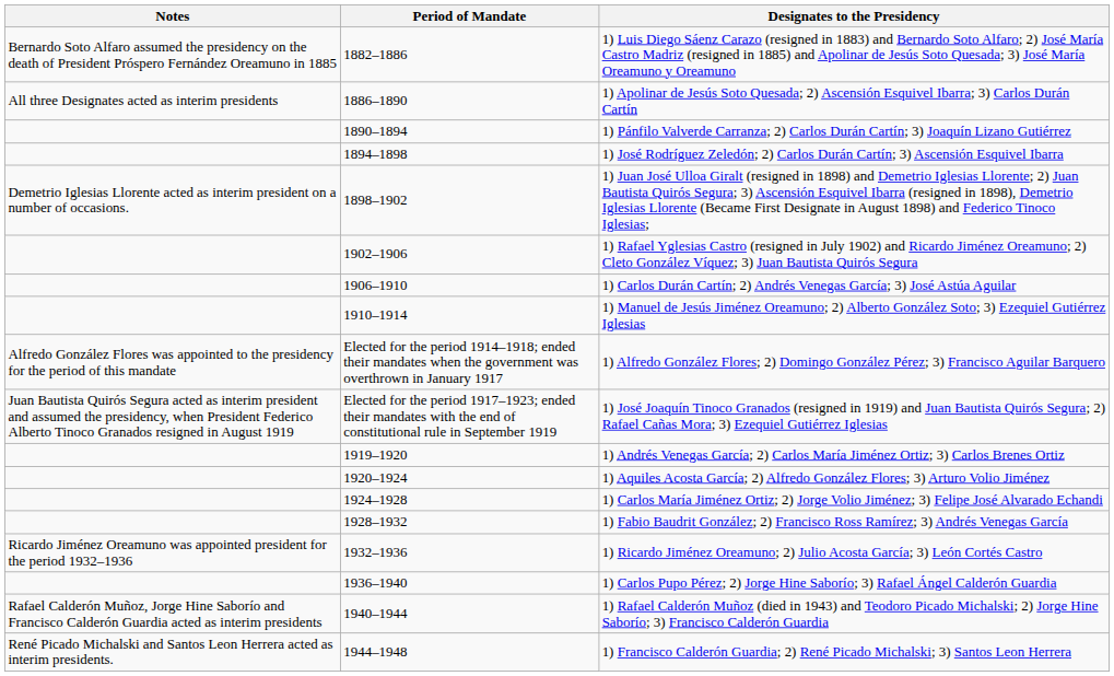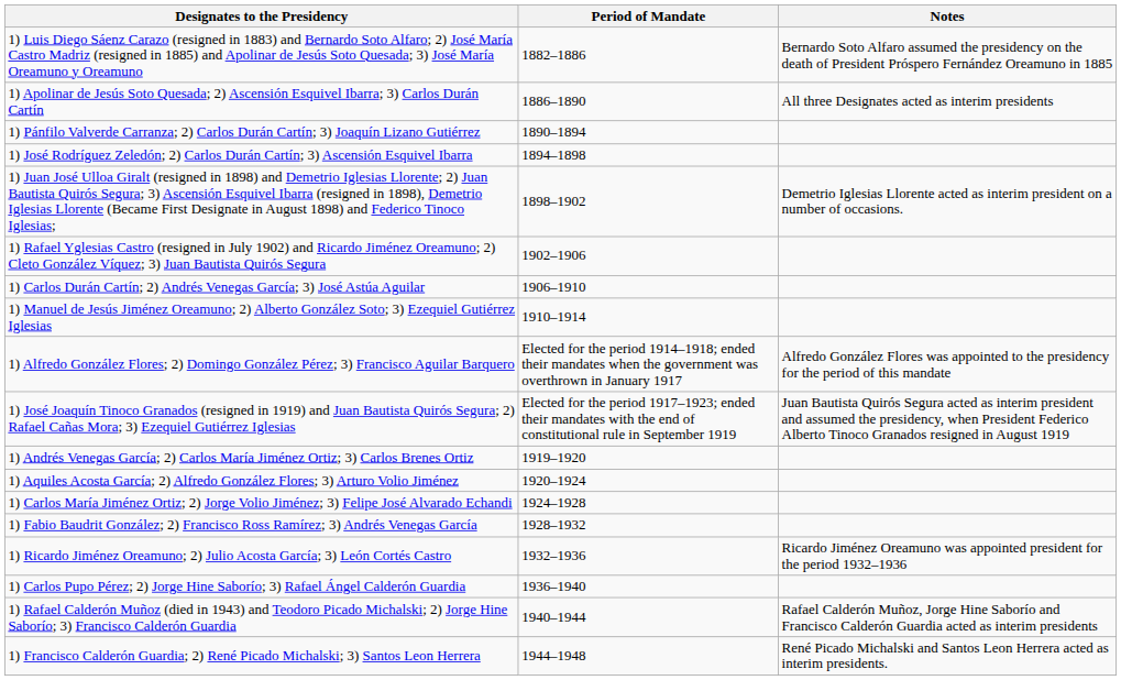 <table class="wikitable">
 <tr>
+<th>Designates to the Presidency</th>
+<th>Period of Mandate</th>
 <th>Notes</th>
-<th>Period of Mandate</th>
-<th>Designates to the Presidency</th>
 </tr>
 <tr>
+<td>1) <a href='#'>Luis Diego Sáenz Carazo</a> (resigned in 1883) and <a href='#'>Bernardo Soto Alfaro</a>; 2) <a href='#'>José María Castro Madriz</a> (resigned in 1885) and <a href='#'>Apolinar de Jesús Soto Quesada</a>; 3) <a href='#'>José María Oreamuno y Oreamuno</a></td>
+<td>1882–1886</td>
 <td>Bernardo Soto Alfaro assumed the presidency on the death of President Próspero Fernández Oreamuno in 1885</td>
-<td>1882–1886</td>
-<td>1) <a href='#'>Luis Diego Sáenz Carazo</a> (resigned in 1883) and <a href='#'>Bernardo Soto Alfaro</a>; 2) <a href='#'>José María Castro Madriz</a> (resigned in 1885) and <a href='#'>Apolinar de Jesús Soto Quesada</a>; 3) <a href='#'>José María Oreamuno y Oreamuno</a></td>
 </tr>
 <tr>
+<td>1) <a href='#'>Apolinar de Jesús Soto Quesada</a>; 2) <a href='#'>Ascensión Esquivel Ibarra</a>; 3) <a href='#'>Carlos Durán Cartín</a></td>
+<td>1886–1890</td>
 <td>All three Designates acted as interim presidents</td>
-<td>1886–1890</td>
-<td>1) <a href='#'>Apolinar de Jesús Soto Quesada</a>; 2) <a href='#'>Ascensión Esquivel Ibarra</a>; 3) <a href='#'>Carlos Durán Cartín</a></td>
 </tr>
 <tr>
+<td>1) <a href='#'>Pánfilo Valverde Carranza</a>; 2) <a href='#'>Carlos Durán Cartín</a>; 3) <a href='#'>Joaquín Lizano Gutiérrez</a></td>
+<td>1890–1894</td>
 <td></td>
-<td>1890–1894</td>
-<td>1) <a href='#'>Pánfilo Valverde Carranza</a>; 2) <a href='#'>Carlos Durán Cartín</a>; 3) <a href='#'>Joaquín Lizano Gutiérrez</a></td>
 </tr>
 <tr>
+<td>1) <a href='#'>José Rodríguez Zeledón</a>; 2) <a href='#'>Carlos Durán Cartín</a>; 3) <a href='#'>Ascensión Esquivel Ibarra</a></td>
+<td>1894–1898</td>
 <td></td>
-<td>1894–1898</td>
-<td>1) <a href='#'>José Rodríguez Zeledón</a>; 2) <a href='#'>Carlos Durán Cartín</a>; 3) <a href='#'>Ascensión Esquivel Ibarra</a></td>
 </tr>
 <tr>
+<td>1) <a href='#'>Juan José Ulloa Giralt</a> (resigned in 1898) and <a href='#'>Demetrio Iglesias Llorente</a>; 2) <a href='#'>Juan Bautista Quirós Segura</a>; 3) <a href='#'>Ascensión Esquivel Ibarra</a> (resigned in 1898), <a href='#'>Demetrio Iglesias Llorente</a> (Became First Designate in August 1898) and <a href='#'>Federico Tinoco Iglesias</a>;</td>
+<td>1898–1902</td>
 <td>Demetrio Iglesias Llorente acted as interim president on a number of occasions.</td>
-<td>1898–1902</td>
-<td>1) <a href='#'>Juan José Ulloa Giralt</a> (resigned in 1898) and <a href='#'>Demetrio Iglesias Llorente</a>; 2) <a href='#'>Juan Bautista Quirós Segura</a>; 3) <a href='#'>Ascensión Esquivel Ibarra</a> (resigned in 1898), <a href='#'>Demetrio Iglesias Llorente</a> (Became First Designate in August 1898) and <a href='#'>Federico Tinoco Iglesias</a>;</td>
 </tr>
 <tr>
+<td>1) <a href='#'>Rafael Yglesias Castro</a> (resigned in July 1902) and <a href='#'>Ricardo Jiménez Oreamuno</a>; 2) <a href='#'>Cleto González Víquez</a>; 3) <a href='#'>Juan Bautista Quirós Segura</a></td>
+<td>1902–1906</td>
 <td></td>
-<td>1902–1906</td>
-<td>1) <a href='#'>Rafael Yglesias Castro</a> (resigned in July 1902) and <a href='#'>Ricardo Jiménez Oreamuno</a>; 2) <a href='#'>Cleto González Víquez</a>; 3) <a href='#'>Juan Bautista Quirós Segura</a></td>
 </tr>
 <tr>
+<td>1) <a href='#'>Carlos Durán Cartín</a>; 2) <a href='#'>Andrés Venegas García</a>; 3) <a href='#'>José Astúa Aguilar</a></td>
+<td>1906–1910</td>
 <td></td>
-<td>1906–1910</td>
-<td>1) <a href='#'>Carlos Durán Cartín</a>; 2) <a href='#'>Andrés Venegas García</a>; 3) <a href='#'>José Astúa Aguilar</a></td>
 </tr>
 <tr>
+<td>1) <a href='#'>Manuel de Jesús Jiménez Oreamuno</a>; 2) <a href='#'>Alberto González Soto</a>; 3) <a href='#'>Ezequiel Gutiérrez Iglesias</a></td>
+<td>1910–1914</td>
 <td></td>
-<td>1910–1914</td>
-<td>1) <a href='#'>Manuel de Jesús Jiménez Oreamuno</a>; 2) <a href='#'>Alberto González Soto</a>; 3) <a href='#'>Ezequiel Gutiérrez Iglesias</a></td>
 </tr>
 <tr>
+<td>1) <a href='#'>Alfredo González Flores</a>; 2) <a href='#'>Domingo González Pérez</a>; 3) <a href='#'>Francisco Aguilar Barquero</a></td>
+<td>Elected for the period 1914–1918; ended their mandates when the government was overthrown in January 1917</td>
 <td>Alfredo González Flores was appointed to the presidency for the period of this mandate</td>
-<td>Elected for the period 1914–1918; ended their mandates when the government was overthrown in January 1917</td>
-<td>1) <a href='#'>Alfredo González Flores</a>; 2) <a href='#'>Domingo González Pérez</a>; 3) <a href='#'>Francisco Aguilar Barquero</a></td>
 </tr>
 <tr>
+<td>1) <a href='#'>José Joaquín Tinoco Granados</a> (resigned in 1919) and <a href='#'>Juan Bautista Quirós Segura</a>; 2) <a href='#'>Rafael Cañas Mora</a>; 3) <a href='#'>Ezequiel Gutiérrez Iglesias</a></td>
+<td>Elected for the period 1917–1923; ended their mandates with the end of constitutional rule in September 1919</td>
 <td>Juan Bautista Quirós Segura acted as interim president and assumed the presidency, when President Federico Alberto Tinoco Granados resigned in August 1919</td>
-<td>Elected for the period 1917–1923; ended their mandates with the end of constitutional rule in September 1919</td>
-<td>1) <a href='#'>José Joaquín Tinoco Granados</a> (resigned in 1919) and <a href='#'>Juan Bautista Quirós Segura</a>; 2) <a href='#'>Rafael Cañas Mora</a>; 3) <a href='#'>Ezequiel Gutiérrez Iglesias</a></td>
 </tr>
 <tr>
+<td>1) <a href='#'>Andrés Venegas García</a>; 2) <a href='#'>Carlos María Jiménez Ortiz</a>; 3) <a href='#'>Carlos Brenes Ortiz</a></td>
+<td>1919–1920</td>
 <td></td>
-<td>1919–1920</td>
-<td>1) <a href='#'>Andrés Venegas García</a>; 2) <a href='#'>Carlos María Jiménez Ortiz</a>; 3) <a href='#'>Carlos Brenes Ortiz</a></td>
 </tr>
 <tr>
+<td>1) <a href='#'>Aquiles Acosta García</a>; 2) <a href='#'>Alfredo González Flores</a>; 3) <a href='#'>Arturo Volio Jiménez</a></td>
+<td>1920–1924</td>
 <td></td>
-<td>1920–1924</td>
-<td>1) <a href='#'>Aquiles Acosta García</a>; 2) <a href='#'>Alfredo González Flores</a>; 3) <a href='#'>Arturo Volio Jiménez</a></td>
 </tr>
 <tr>
+<td>1) <a href='#'>Carlos María Jiménez Ortiz</a>; 2) <a href='#'>Jorge Volio Jiménez</a>; 3) <a href='#'>Felipe José Alvarado Echandi</a></td>
+<td>1924–1928</td>
 <td></td>
-<td>1924–1928</td>
-<td>1) <a href='#'>Carlos María Jiménez Ortiz</a>; 2) <a href='#'>Jorge Volio Jiménez</a>; 3) <a href='#'>Felipe José Alvarado Echandi</a></td>
 </tr>
 <tr>
+<td>1) <a href='#'>Fabio Baudrit González</a>; 2) <a href='#'>Francisco Ross Ramírez</a>; 3) <a href='#'>Andrés Venegas García</a></td>
+<td>1928–1932</td>
 <td></td>
-<td>1928–1932</td>
-<td>1) <a href='#'>Fabio Baudrit González</a>; 2) <a href='#'>Francisco Ross Ramírez</a>; 3) <a href='#'>Andrés Venegas García</a></td>
 </tr>
 <tr>
+<td>1) <a href='#'>Ricardo Jiménez Oreamuno</a>; 2) <a href='#'>Julio Acosta García</a>; 3) <a href='#'>León Cortés Castro</a></td>
+<td>1932–1936</td>
 <td>Ricardo Jiménez Oreamuno was appointed president for the period 1932–1936</td>
-<td>1932–1936</td>
-<td>1) <a href='#'>Ricardo Jiménez Oreamuno</a>; 2) <a href='#'>Julio Acosta García</a>; 3) <a href='#'>León Cortés Castro</a></td>
 </tr>
 <tr>
+<td>1) <a href='#'>Carlos Pupo Pérez</a>; 2) <a href='#'>Jorge Hine Saborío</a>; 3) <a href='#'>Rafael Ángel Calderón Guardia</a></td>
+<td>1936–1940</td>
 <td></td>
-<td>1936–1940</td>
-<td>1) <a href='#'>Carlos Pupo Pérez</a>; 2) <a href='#'>Jorge Hine Saborío</a>; 3) <a href='#'>Rafael Ángel Calderón Guardia</a></td>
 </tr>
 <tr>
+<td>1) <a href='#'>Rafael Calderón Muñoz</a> (died in 1943) and <a href='#'>Teodoro Picado Michalski</a>; 2) <a href='#'>Jorge Hine Saborío</a>; 3) <a href='#'>Francisco Calderón Guardia</a></td>
+<td>1940–1944</td>
 <td>Rafael Calderón Muñoz, Jorge Hine Saborío and Francisco Calderón Guardia acted as interim presidents</td>
-<td>1940–1944</td>
-<td>1) <a href='#'>Rafael Calderón Muñoz</a> (died in 1943) and <a href='#'>Teodoro Picado Michalski</a>; 2) <a href='#'>Jorge Hine Saborío</a>; 3) <a href='#'>Francisco Calderón Guardia</a></td>
 </tr>
 <tr>
+<td>1) <a href='#'>Francisco Calderón Guardia</a>; 2) <a href='#'>René Picado Michalski</a>; 3) <a href='#'>Santos Leon Herrera</a></td>
+<td>1944–1948</td>
 <td>René Picado Michalski and Santos Leon Herrera acted as interim presidents.</td>
-<td>1944–1948</td>
-<td>1) <a href='#'>Francisco Calderón Guardia</a>; 2) <a href='#'>René Picado Michalski</a>; 3) <a href='#'>Santos Leon Herrera</a></td>
 </tr>
 </table>
